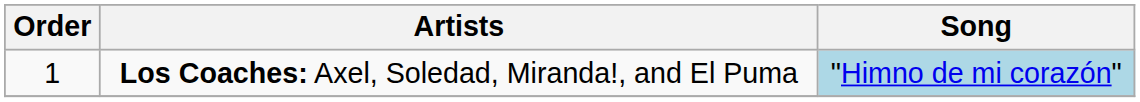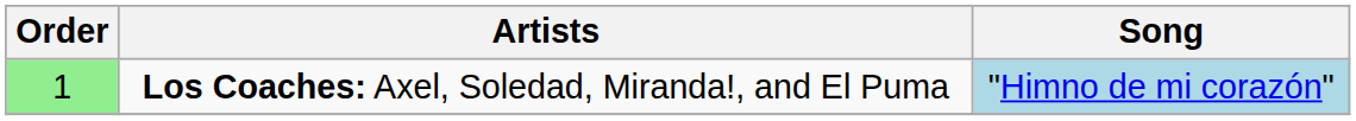 <table class="wikitable" style="text-align:center; width:50%;">
 <tr>
 <th scope="col">Order</th>
 <th scope="col">Artists</th>
 <th scope="col">Song</th>
 </tr>
 <tr>
-<td>1</td>
+<td style="background: lightgreen;">1</td>
 <td><strong>Los Coaches:</strong> Axel, Soledad, Miranda!, and El Puma</td>
 <td style="background: lightblue;">"<a href='#'>Himno de mi corazón</a>"</td>
 </tr>
 <tr>
 </tr>
 </table>
